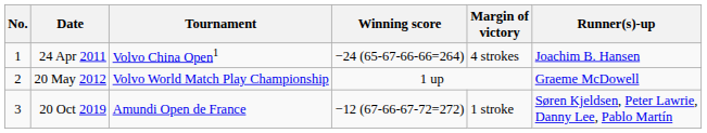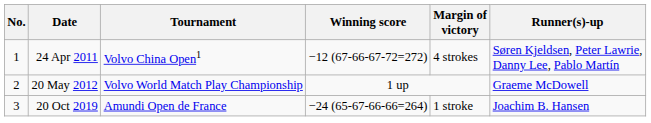 <table class="wikitable" style="font-size:95%;">
 <tr>
 <th>No.</th>
 <th>Date</th>
 <th>Tournament</th>
 <th>Winning score</th>
 <th>Margin of<br>victory</th>
 <th>Runner(s)-up</th>
 </tr>
 <tr>
 <td align=center>1</td>
 <td align=right>24 Apr <a href='#'>2011</a></td>
 <td><a href='#'>Volvo China Open</a><sup>1</sup></td>
-<td>−24 (65-67-66-66=264)</td>
+<td>−12 (67-66-67-72=272)</td>
 <td>4 strokes</td>
-<td> <a href='#'>Joachim B. Hansen</a></td>
+<td> <a href='#'>Søren Kjeldsen</a>,  <a href='#'>Peter Lawrie</a>,<br> <a href='#'>Danny Lee</a>,  <a href='#'>Pablo Martín</a></td>
 </tr>
 <tr>
 <td align=center>2</td>
 <td align=right>20 May <a href='#'>2012</a></td>
 <td><a href='#'>Volvo World Match Play Championship</a></td>
 <td colspan=2 align=center>1 up</td>
 <td> <a href='#'>Graeme McDowell</a></td>
 </tr>
 <tr>
 <td align=center>3</td>
 <td align=right>20 Oct <a href='#'>2019</a></td>
 <td><a href='#'>Amundi Open de France</a></td>
-<td>−12 (67-66-67-72=272)</td>
+<td>−24 (65-67-66-66=264)</td>
 <td>1 stroke</td>
-<td> <a href='#'>Søren Kjeldsen</a>,  <a href='#'>Peter Lawrie</a>,<br> <a href='#'>Danny Lee</a>,  <a href='#'>Pablo Martín</a></td>
+<td> <a href='#'>Joachim B. Hansen</a></td>
 </tr>
 </table>
